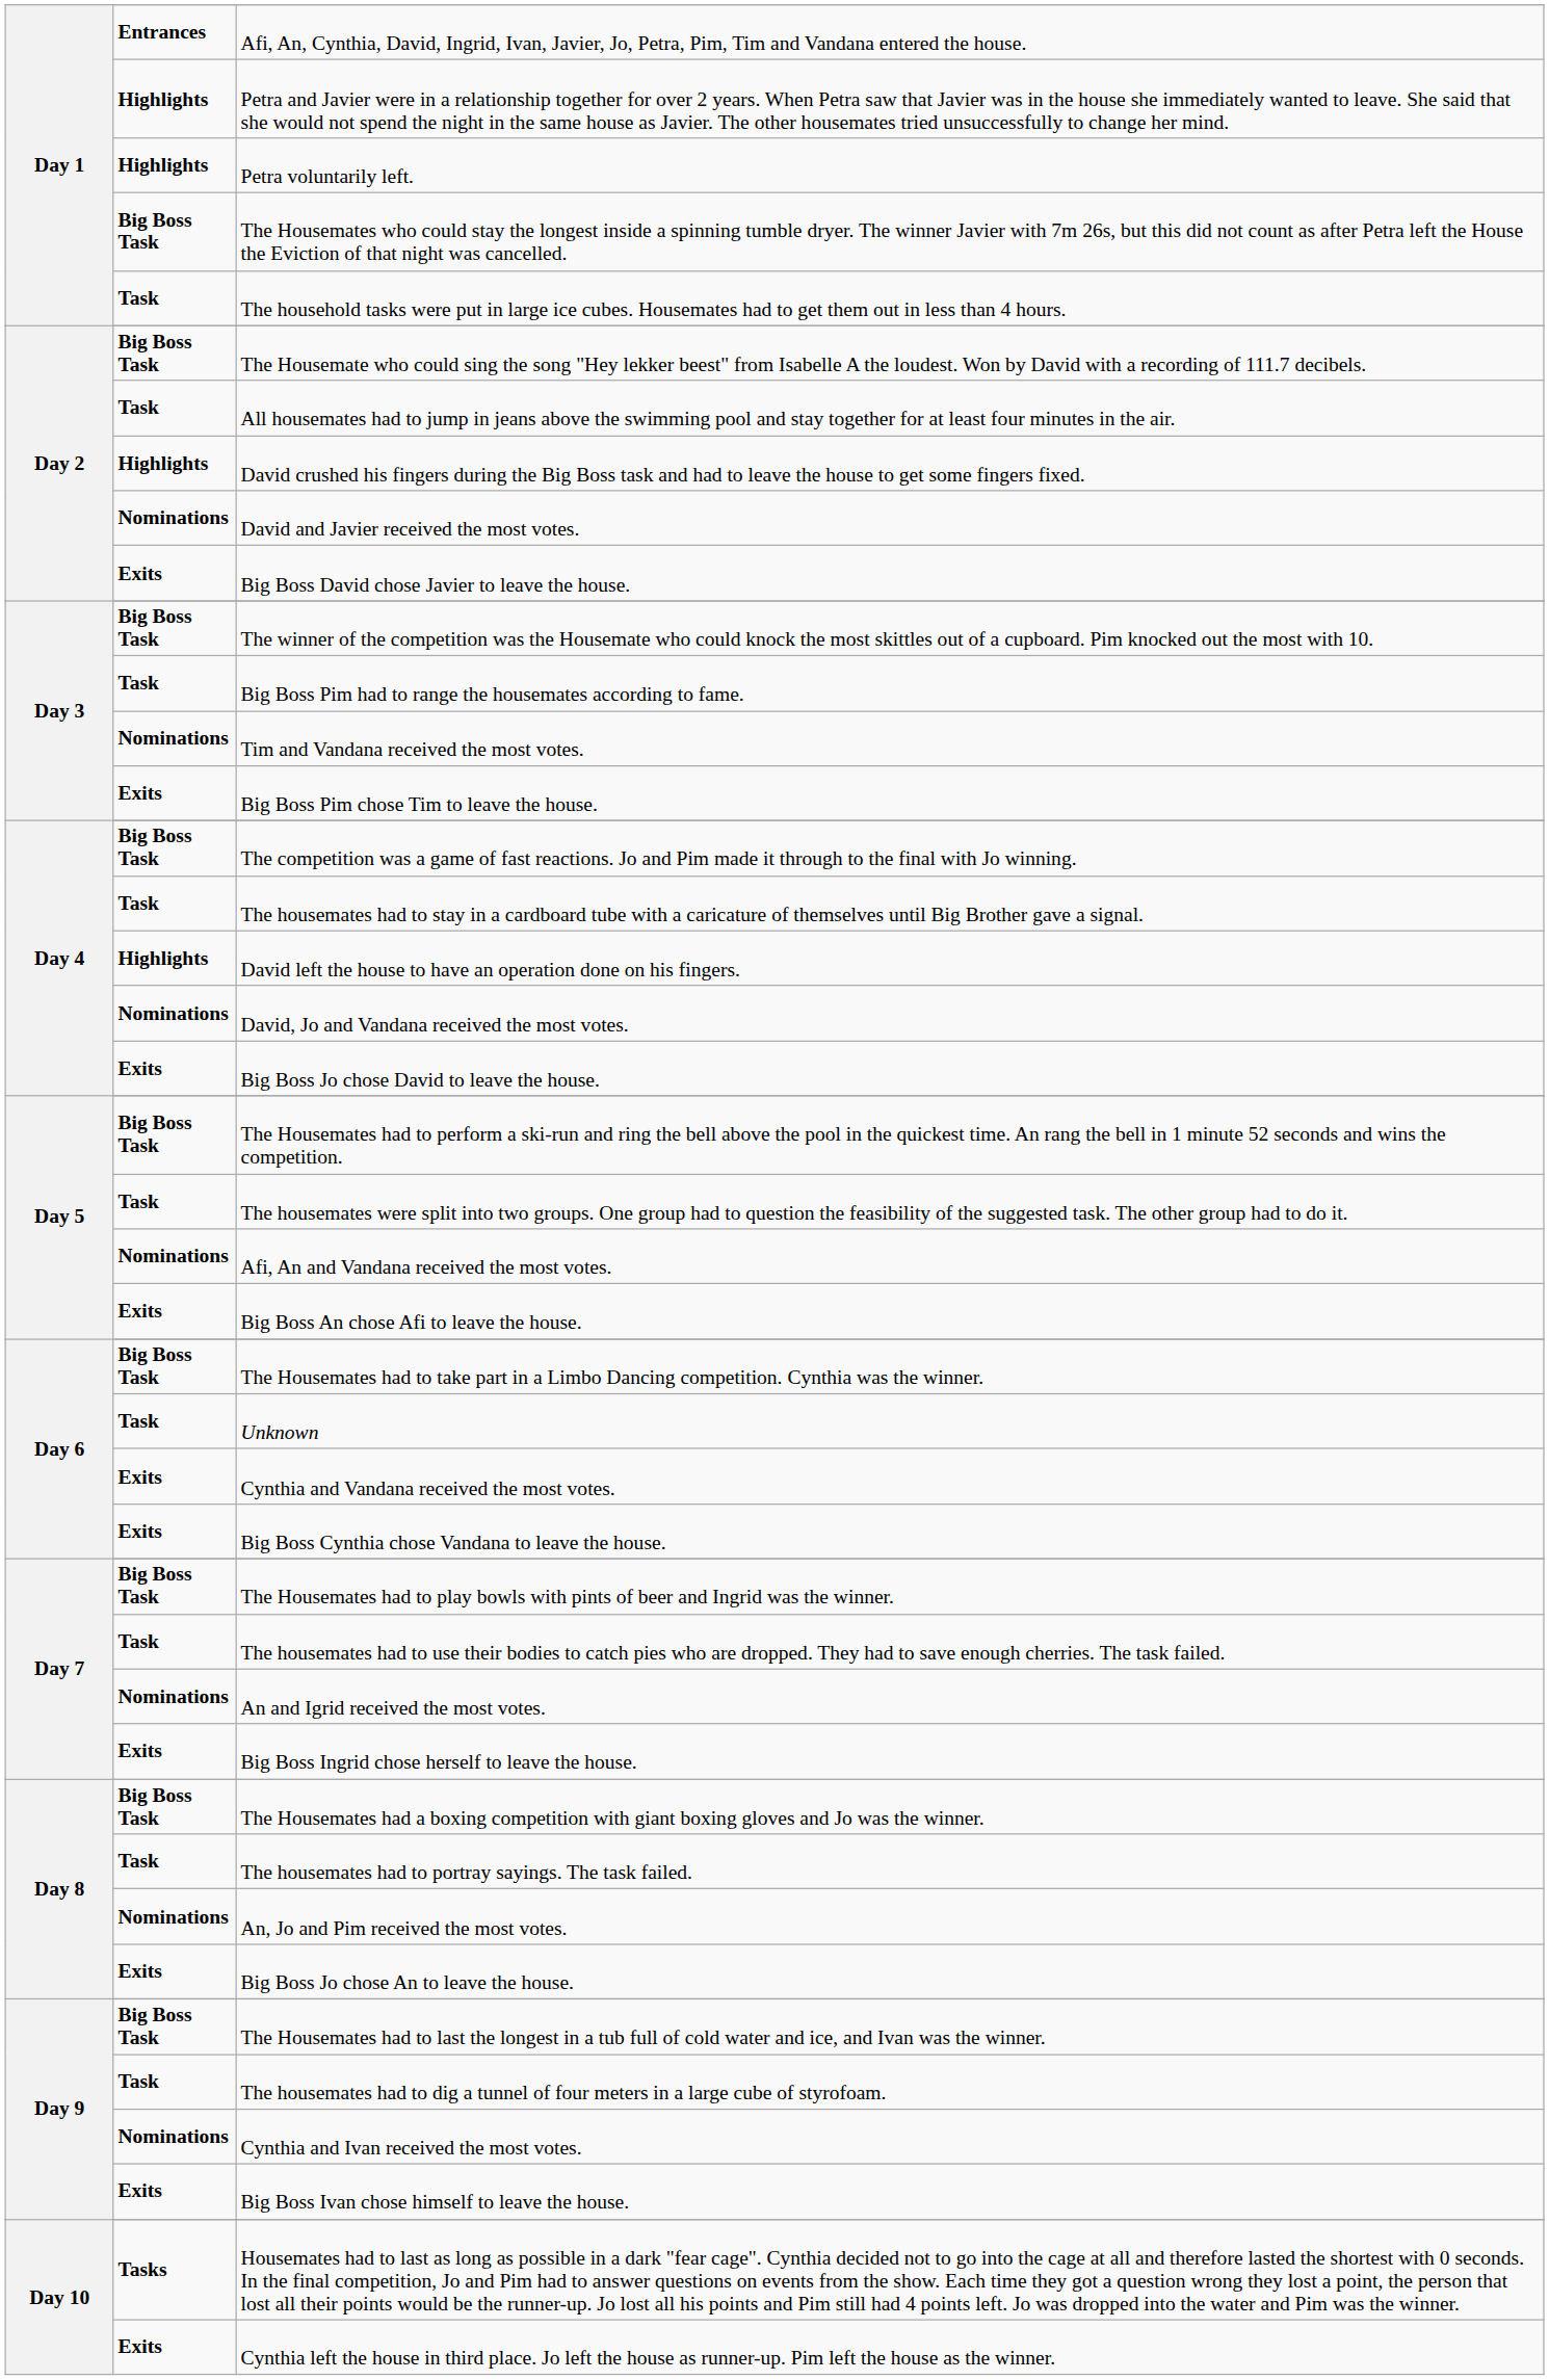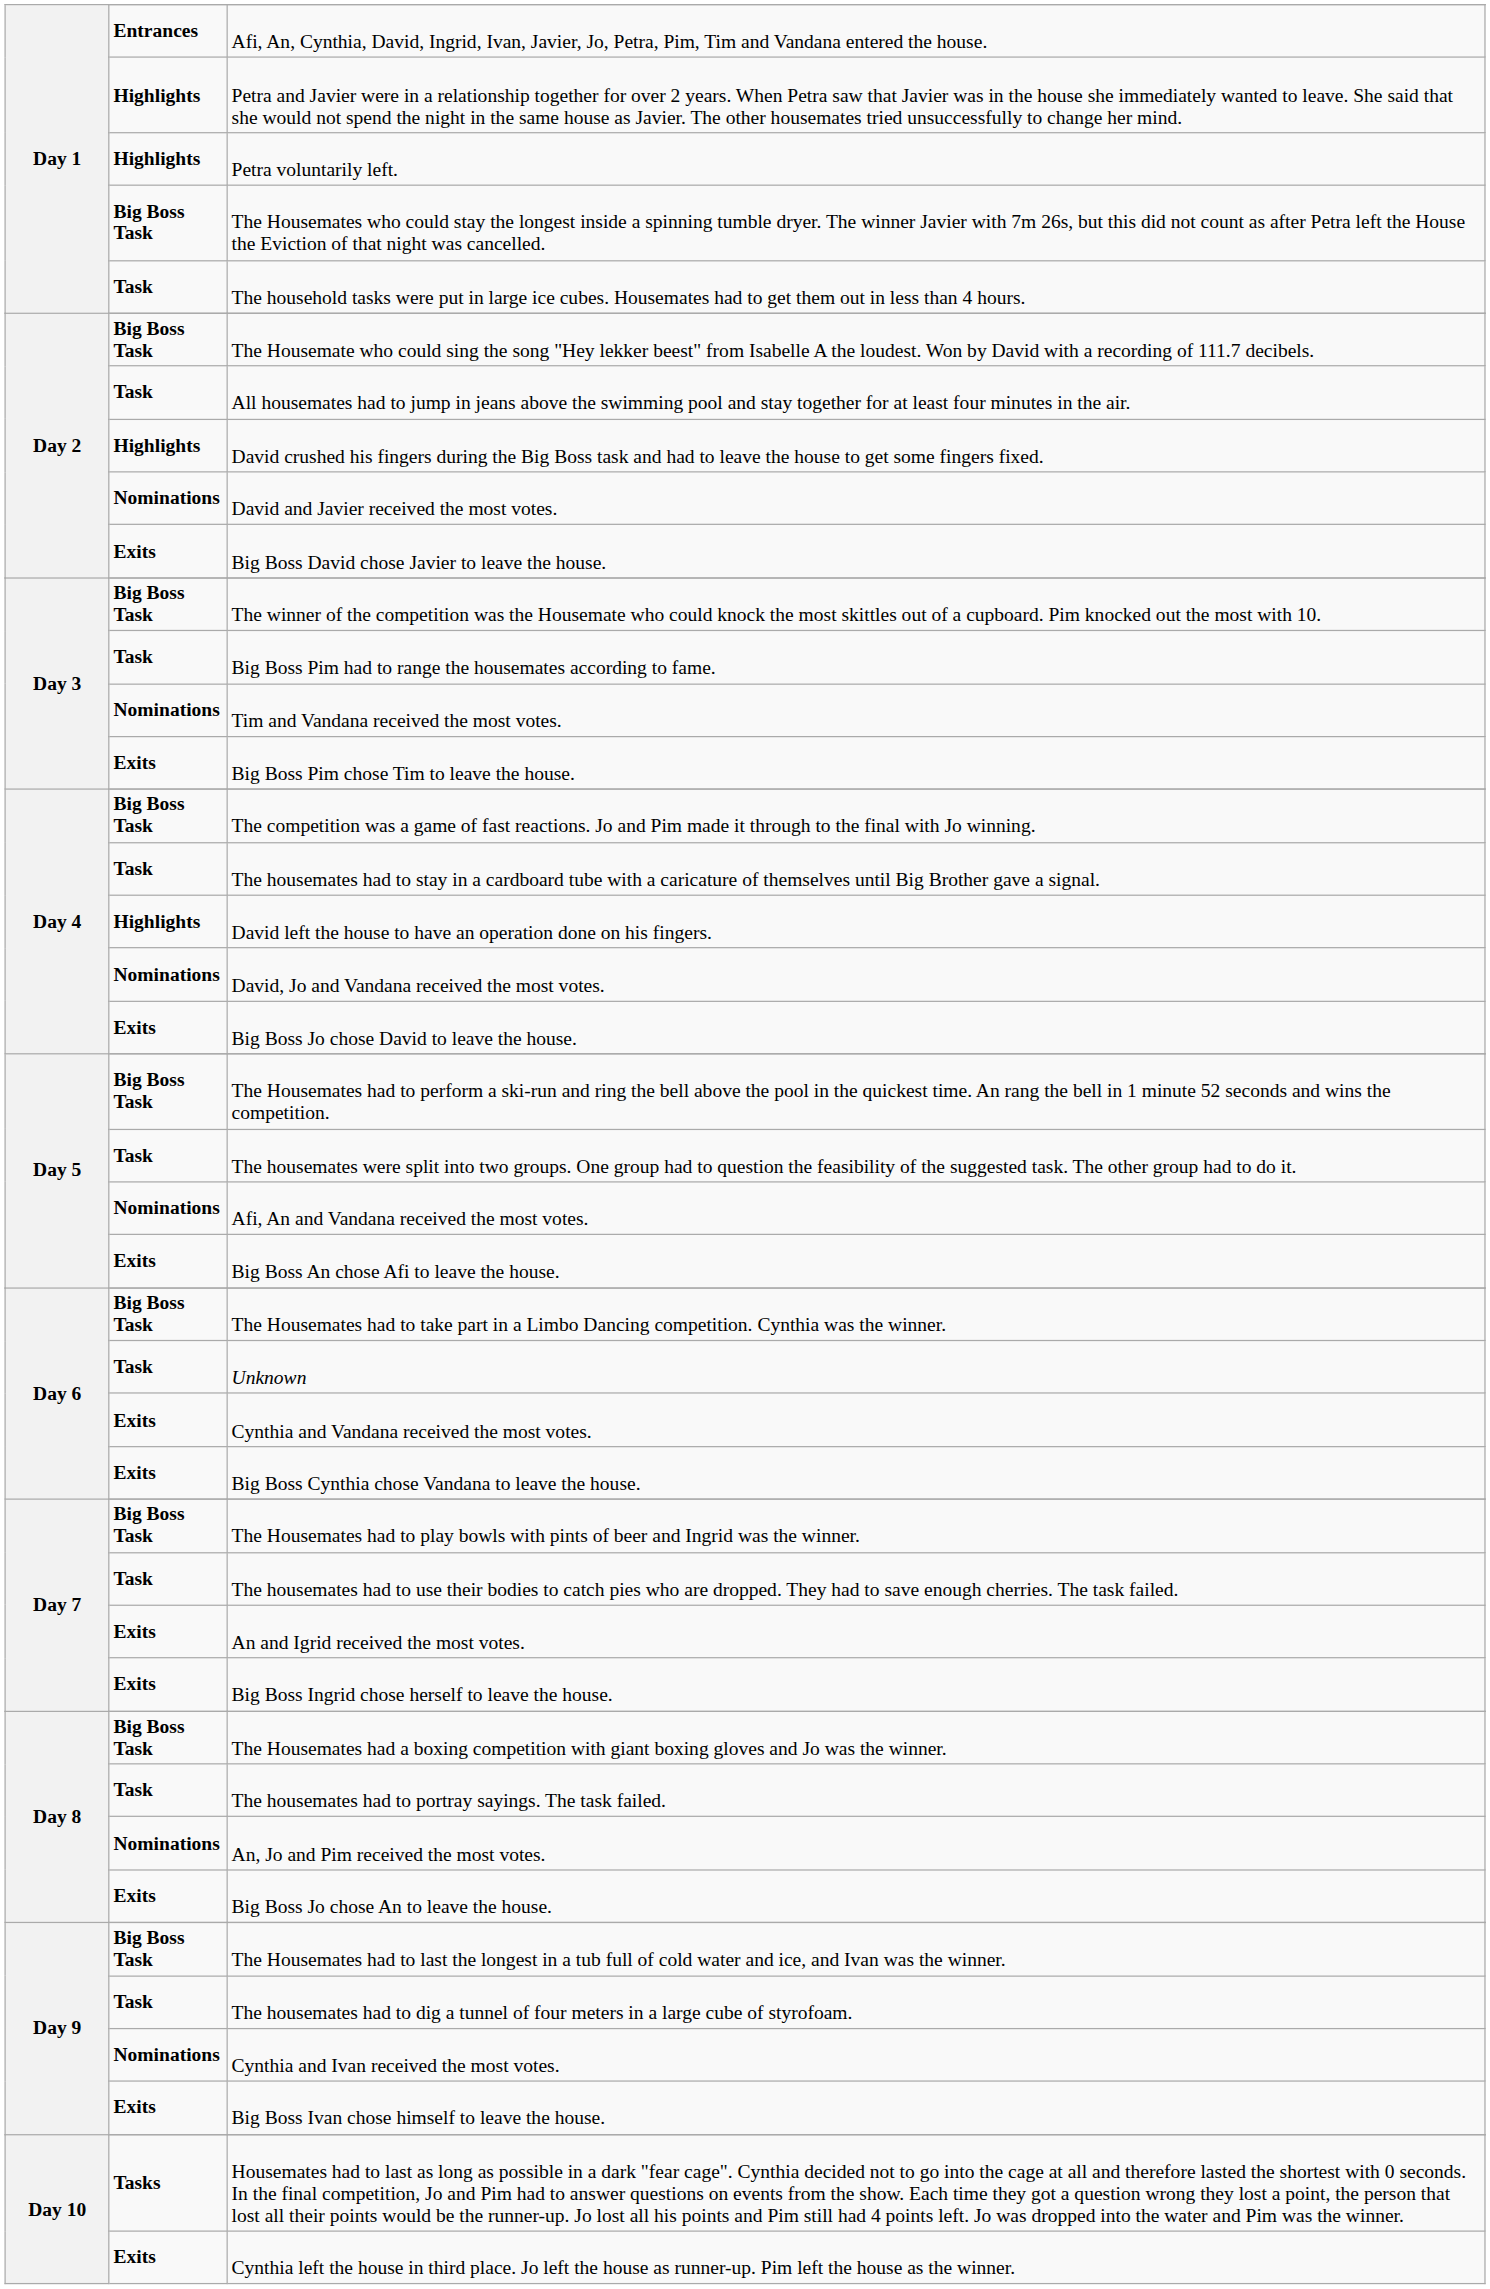 <table class="wikitable" style="width: 96%; margin-left: auto; margin-right: auto;">
 <tr>
 <th rowspan=6 style="width: 7%;"><strong>Day 1</strong></th>
 </tr>
 <tr>
 <td><strong>Entrances</strong></td>
 <td><br>Afi, An, Cynthia, David, Ingrid, Ivan, Javier, Jo, Petra, Pim, Tim and Vandana entered the house.</td>
 </tr>
 <tr>
 <td><strong>Highlights</strong></td>
 <td><br>Petra and Javier were in a relationship together for over 2 years. When Petra saw that Javier was in the house she immediately wanted to leave. She said that she would not spend the night in the same house as Javier. The other housemates tried unsuccessfully to change her mind.</td>
 </tr>
 <tr>
 <td><strong>Highlights</strong></td>
 <td><br>Petra voluntarily left.</td>
 </tr>
 <tr>
 <td><strong>Big Boss Task</strong></td>
 <td><br>The Housemates who could stay the longest inside a spinning tumble dryer. The winner Javier with 7m 26s, but this did not count as after Petra left the House the Eviction of that night was cancelled.</td>
 </tr>
 <tr>
 <td><strong>Task</strong></td>
 <td><br>The household tasks were put in large ice cubes. Housemates had to get them out in less than 4 hours.</td>
 </tr>
 <tr>
 <th rowspan=6 style="width: 7%;"><strong>Day 2</strong></th>
 </tr>
 <tr>
 <td><strong>Big Boss Task</strong></td>
 <td><br>The Housemate who could sing the song "Hey lekker beest" from Isabelle A the loudest. Won by David with a recording of 111.7 decibels.</td>
 </tr>
 <tr>
 <td><strong>Task</strong></td>
 <td><br>All housemates had to jump in jeans above the swimming pool and stay together for at least four minutes in the air.</td>
 </tr>
 <tr>
 <td><strong>Highlights</strong></td>
 <td><br>David crushed his fingers during the Big Boss task and had to leave the house to get some fingers fixed.</td>
 </tr>
 <tr>
 <td><strong>Nominations</strong></td>
 <td><br>David and Javier received the most votes.</td>
 </tr>
 <tr>
 <td><strong>Exits</strong></td>
 <td><br>Big Boss David chose Javier to leave the house.</td>
 </tr>
 <tr>
 <th rowspan=5 style="width: 7%;"><strong>Day 3</strong></th>
 </tr>
 <tr>
 <td><strong>Big Boss Task</strong></td>
 <td><br>The winner of the competition was the Housemate who could knock the most skittles out of a cupboard. Pim knocked out the most with 10.</td>
 </tr>
 <tr>
 <td><strong>Task</strong></td>
 <td><br>Big Boss Pim had to range the housemates according to fame.</td>
 </tr>
 <tr>
 <td><strong>Nominations</strong></td>
 <td><br>Tim and Vandana received the most votes.</td>
 </tr>
 <tr>
 <td><strong>Exits</strong></td>
 <td><br>Big Boss Pim chose Tim to leave the house.</td>
 </tr>
 <tr>
 <th rowspan=6 style="width: 7%;"><strong>Day 4</strong></th>
 </tr>
 <tr>
 <td><strong>Big Boss Task</strong></td>
 <td><br>The competition was a game of fast reactions. Jo and Pim made it through to the final with Jo winning.</td>
 </tr>
 <tr>
 <td><strong>Task</strong></td>
 <td><br>The housemates had to stay in a cardboard tube with a caricature of themselves until Big Brother gave a signal.</td>
 </tr>
 <tr>
 <td><strong>Highlights</strong></td>
 <td><br>David left the house to have an operation done on his fingers.</td>
 </tr>
 <tr>
 <td><strong>Nominations</strong></td>
 <td><br>David, Jo and Vandana received the most votes.</td>
 </tr>
 <tr>
 <td><strong>Exits</strong></td>
 <td><br>Big Boss Jo chose David to leave the house.</td>
 </tr>
 <tr>
 <th rowspan=5 style="width: 7%;"><strong>Day 5</strong></th>
 </tr>
 <tr>
 <td><strong>Big Boss Task</strong></td>
 <td><br>The Housemates had to perform a ski-run and ring the bell above the pool in the quickest time. An rang the bell in 1 minute 52 seconds and wins the competition.</td>
 </tr>
 <tr>
 <td><strong>Task</strong></td>
 <td><br>The housemates were split into two groups. One group had to question the feasibility of the suggested task. The other group had to do it.</td>
 </tr>
 <tr>
 <td><strong>Nominations</strong></td>
 <td><br>Afi, An and Vandana received the most votes.</td>
 </tr>
 <tr>
 <td><strong>Exits</strong></td>
 <td><br>Big Boss An chose Afi to leave the house.</td>
 </tr>
 <tr>
 <th rowspan=5 style="width: 7%;"><strong>Day 6</strong></th>
 </tr>
 <tr>
 <td><strong>Big Boss Task</strong></td>
 <td><br>The Housemates had to take part in a Limbo Dancing competition. Cynthia was the winner.</td>
 </tr>
 <tr>
 <td><strong>Task</strong></td>
 <td><br><em>Unknown</em></td>
 </tr>
 <tr>
 <td><strong>Exits</strong></td>
 <td><br>Cynthia and Vandana received the most votes.</td>
 </tr>
 <tr>
 <td><strong>Exits</strong></td>
 <td><br>Big Boss Cynthia chose Vandana to leave the house.</td>
 </tr>
 <tr>
 <th rowspan=5 style="width: 7%;"><strong>Day 7</strong></th>
 </tr>
 <tr>
 <td><strong>Big Boss Task</strong></td>
 <td><br>The Housemates had to play bowls with pints of beer and Ingrid was the winner.</td>
 </tr>
 <tr>
 <td><strong>Task</strong></td>
 <td><br>The housemates had to use their bodies to catch pies who are dropped. They had to save enough cherries. The task failed.</td>
 </tr>
 <tr>
-<td><strong>Nominations</strong></td>
+<td><strong>Exits</strong></td>
 <td><br>An and Igrid received the most votes.</td>
 </tr>
 <tr>
 <td><strong>Exits</strong></td>
 <td><br>Big Boss Ingrid chose herself to leave the house.</td>
 </tr>
 <tr>
 <th rowspan=5 style="width: 7%;"><strong>Day 8</strong></th>
 </tr>
 <tr>
 <td><strong>Big Boss Task</strong></td>
 <td><br>The Housemates had a boxing competition with giant boxing gloves and Jo was the winner.</td>
 </tr>
 <tr>
 <td><strong>Task</strong></td>
 <td><br>The housemates had to portray sayings. The task failed.</td>
 </tr>
 <tr>
 <td><strong>Nominations</strong></td>
 <td><br>An, Jo and Pim received the most votes.</td>
 </tr>
 <tr>
 <td><strong>Exits</strong></td>
 <td><br>Big Boss Jo chose An to leave the house.</td>
 </tr>
 <tr>
 <th rowspan=5 style="width: 7%;"><strong>Day 9</strong></th>
 </tr>
 <tr>
 <td><strong>Big Boss Task</strong></td>
 <td><br>The Housemates had to last the longest in a tub full of cold water and ice, and Ivan was the winner.</td>
 </tr>
 <tr>
 <td><strong>Task</strong></td>
 <td><br>The housemates had to dig a tunnel of four meters in a large cube of styrofoam.</td>
 </tr>
 <tr>
 <td><strong>Nominations</strong></td>
 <td><br>Cynthia and Ivan received the most votes.</td>
 </tr>
 <tr>
 <td><strong>Exits</strong></td>
 <td><br>Big Boss Ivan chose himself to leave the house.</td>
 </tr>
 <tr>
 <th rowspan=3 style="width: 7%;"><strong>Day 10</strong></th>
 </tr>
 <tr>
 <td><strong>Tasks</strong></td>
 <td><br>Housemates had to last as long as possible in a dark "fear cage". Cynthia decided not to go into the cage at all and therefore lasted the shortest with 0 seconds. In the final competition, Jo and Pim had to answer questions on events from the show. Each time they got a question wrong they lost a point, the person that lost all their points would be the runner-up. Jo lost all his points and Pim still had 4 points left. Jo was dropped into the water and Pim was the winner.</td>
 </tr>
 <tr>
 <td><strong>Exits</strong></td>
 <td><br>Cynthia left the house in third place. Jo left the house as runner-up. Pim left the house as the winner.</td>
 </tr>
 </table>
